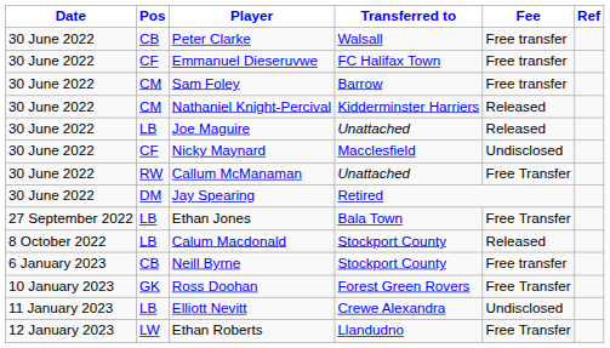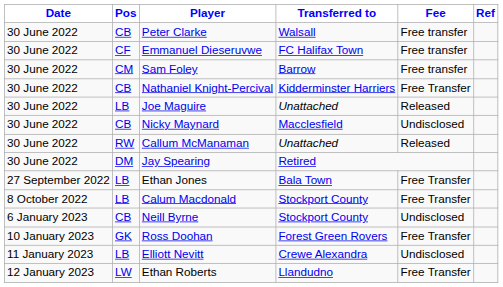 <table class="wikitable plainrowheaders sortable">
 <tr>
 <th style="background:#FFFFFF; color:#0000FF; ">Date</th>
 <th style="background:#FFFFFF; color:#0000FF; ">Pos</th>
 <th style="background:#FFFFFF; color:#0000FF; ">Player</th>
 <th style="background:#FFFFFF; color:#0000FF; ">Transferred to</th>
 <th style="background:#FFFFFF; color:#0000FF; ">Fee</th>
 <th style="background:#FFFFFF; color:#0000FF; ">Ref</th>
 </tr>
 <tr>
 <td>30 June 2022</td>
 <td><a href='#'>CB</a></td>
 <td> <a href='#'>Peter Clarke</a></td>
 <td> <a href='#'>Walsall</a></td>
 <td>Free transfer</td>
 <td></td>
 </tr>
 <tr>
 <td>30 June 2022</td>
 <td><a href='#'>CF</a></td>
 <td> <a href='#'>Emmanuel Dieseruvwe</a></td>
 <td> <a href='#'>FC Halifax Town</a></td>
 <td>Free transfer</td>
 <td></td>
 </tr>
 <tr>
 <td>30 June 2022</td>
 <td><a href='#'>CM</a></td>
 <td> <a href='#'>Sam Foley</a></td>
 <td> <a href='#'>Barrow</a></td>
 <td>Free transfer</td>
 <td></td>
 </tr>
 <tr>
 <td>30 June 2022</td>
-<td><a href='#'>CM</a></td>
+<td><a href='#'>CB</a></td>
 <td> <a href='#'>Nathaniel Knight-Percival</a></td>
 <td> <a href='#'>Kidderminster Harriers</a></td>
-<td>Released</td>
+<td>Free Transfer</td>
 <td></td>
 </tr>
 <tr>
 <td>30 June 2022</td>
 <td><a href='#'>LB</a></td>
 <td> <a href='#'>Joe Maguire</a></td>
 <td> <em>Unattached</em></td>
 <td>Released</td>
 <td></td>
 </tr>
 <tr>
 <td>30 June 2022</td>
-<td><a href='#'>CF</a></td>
+<td><a href='#'>CB</a></td>
 <td> <a href='#'>Nicky Maynard</a></td>
 <td> <a href='#'>Macclesfield</a></td>
 <td>Undisclosed</td>
 <td></td>
 </tr>
 <tr>
 <td>30 June 2022</td>
 <td><a href='#'>RW</a></td>
 <td> <a href='#'>Callum McManaman</a></td>
 <td> <em>Unattached</em></td>
-<td>Free Transfer</td>
+<td>Released</td>
 <td></td>
 </tr>
 <tr>
 <td>30 June 2022</td>
 <td><a href='#'>DM</a></td>
 <td> <a href='#'>Jay Spearing</a></td>
 <td colspan="2"><a href='#'>Retired</a></td>
 <td></td>
 </tr>
 <tr>
 <td>27 September 2022</td>
 <td><a href='#'>LB</a></td>
 <td> Ethan Jones</td>
 <td> <a href='#'>Bala Town</a></td>
 <td>Free Transfer</td>
 <td></td>
 </tr>
 <tr>
 <td>8 October 2022</td>
 <td><a href='#'>LB</a></td>
 <td> <a href='#'>Calum Macdonald</a></td>
 <td> <a href='#'>Stockport County</a></td>
-<td>Released</td>
+<td>Free Transfer</td>
 <td></td>
 </tr>
 <tr>
 <td>6 January 2023</td>
 <td><a href='#'>CB</a></td>
 <td> <a href='#'>Neill Byrne</a></td>
 <td> <a href='#'>Stockport County</a></td>
-<td>Free transfer</td>
+<td>Undisclosed</td>
 <td></td>
 </tr>
 <tr>
 <td>10 January 2023</td>
 <td><a href='#'>GK</a></td>
 <td> <a href='#'>Ross Doohan</a></td>
 <td> <a href='#'>Forest Green Rovers</a></td>
 <td>Free Transfer</td>
 <td></td>
 </tr>
 <tr>
 <td>11 January 2023</td>
 <td><a href='#'>LB</a></td>
 <td> <a href='#'>Elliott Nevitt</a></td>
 <td> <a href='#'>Crewe Alexandra</a></td>
 <td>Undisclosed</td>
 <td></td>
 </tr>
 <tr>
 <td>12 January 2023</td>
 <td><a href='#'>LW</a></td>
 <td> Ethan Roberts</td>
 <td> <a href='#'>Llandudno</a></td>
 <td>Free Transfer</td>
 <td></td>
 </tr>
 </table>
